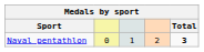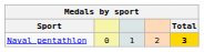 <table class="wikitable" style="font-size:90%; text-align:center;">
 <tr>
 <th colspan="5">Medals by sport</th>
 </tr>
 <tr>
 <th width="120">Sport</th>
 <th scope="col" width="30" style="background:#F7F6A8;"></th>
 <th scope="col" width="30" style="background:#DCE5E5;"></th>
 <th scope="col" width="30" style="background:#FFDAB9;"></th>
 <th width="30">Total</th>
 </tr>
 <tr>
 <td align="left"><a href='#'>Naval pentathlon</a></td>
 <td style="background:#F7F6A8;">0</td>
 <td style="background:#DCE5E5;">1</td>
 <td style="background:#FFDAB9;">2</td>
-<td><strong>3</strong></td>
+<td style="background: gold;"><strong>3</strong></td>
 </tr>
 </table>
